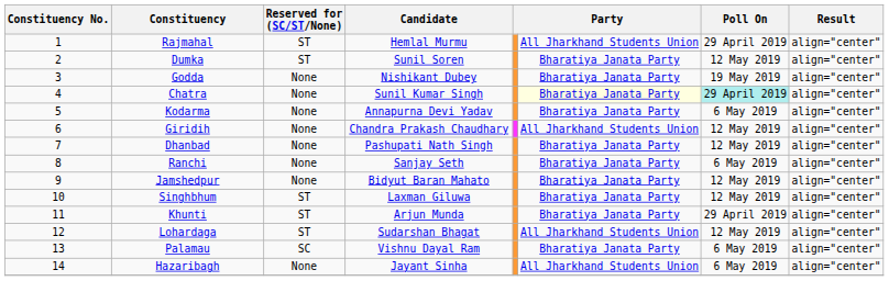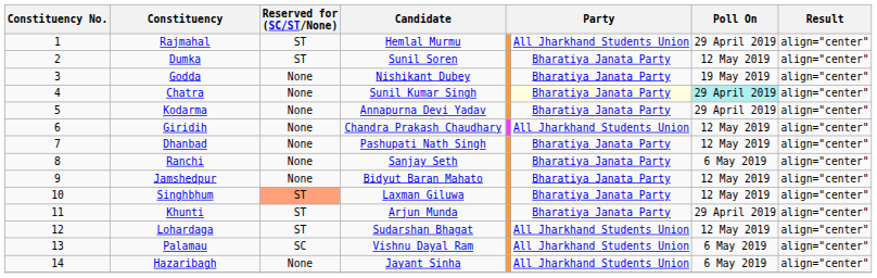 <table class="wikitable sortable" style="text-align:center;">
 <tr>
 <th>Constituency No.</th>
 <th style="width:180px;">Constituency</th>
 <th>Reserved for<br>(<a href='#'>SC/ST</a>/None)</th>
 <th style="width:200px;">Candidate</th>
 <th colspan="2">Party</th>
 <th>Poll On</th>
 <th>Result</th>
 </tr>
 <tr>
 <td align="center">1</td>
 <td><a href='#'>Rajmahal</a></td>
 <td align="center">ST</td>
 <td><a href='#'>Hemlal Murmu</a></td>
 <td bgcolor=#FF9933></td>
 <td><a href='#'>All Jharkhand Students Union</a></td>
 <td align="center">29 April 2019</td>
 <td>align="center" </td>
 </tr>
 <tr>
 <td align="center">2</td>
 <td><a href='#'>Dumka</a></td>
 <td align="center">ST</td>
 <td><a href='#'>Sunil Soren</a></td>
 <td bgcolor=#FF9933></td>
 <td><a href='#'>Bharatiya Janata Party</a></td>
 <td align="center">12 May 2019</td>
 <td>align="center" </td>
 </tr>
 <tr>
 <td align="center">3</td>
 <td><a href='#'>Godda</a></td>
 <td align="center">None</td>
 <td><a href='#'>Nishikant Dubey</a></td>
 <td bgcolor=#FF9933></td>
 <td><a href='#'>Bharatiya Janata Party</a></td>
 <td align="center">19 May 2019</td>
 <td>align="center" </td>
 </tr>
 <tr>
 <td align="center">4</td>
 <td><a href='#'>Chatra</a></td>
 <td align="center">None</td>
 <td><a href='#'>Sunil Kumar Singh</a></td>
 <td bgcolor=#FF9933></td>
 <td style="background: lightyellow;"><a href='#'>Bharatiya Janata Party</a></td>
 <td align="center" style="background: paleturquoise;">29 April 2019</td>
 <td>align="center" </td>
 </tr>
 <tr>
 <td align="center">5</td>
 <td><a href='#'>Kodarma</a></td>
 <td align="center">None</td>
 <td><a href='#'>Annapurna Devi Yadav</a></td>
 <td bgcolor=#FF9933></td>
 <td><a href='#'>Bharatiya Janata Party</a></td>
-<td align="center">6 May 2019</td>
+<td align="center">29 April 2019</td>
 <td>align="center" </td>
 </tr>
 <tr>
 <td align="center">6</td>
 <td><a href='#'>Giridih</a></td>
 <td align="center">None</td>
 <td><a href='#'>Chandra Prakash Chaudhary</a></td>
 <td bgcolor=#FF33FF></td>
 <td><a href='#'>All Jharkhand Students Union</a></td>
 <td align="center">12 May 2019</td>
 <td>align="center" </td>
 </tr>
 <tr>
 <td align="center">7</td>
 <td><a href='#'>Dhanbad</a></td>
 <td align="center">None</td>
 <td><a href='#'>Pashupati Nath Singh</a></td>
 <td bgcolor=#FF9933></td>
 <td><a href='#'>Bharatiya Janata Party</a></td>
 <td align="center">12 May 2019</td>
 <td>align="center" </td>
 </tr>
 <tr>
 <td align="center">8</td>
 <td><a href='#'>Ranchi</a></td>
 <td align="center">None</td>
 <td><a href='#'>Sanjay Seth</a></td>
 <td bgcolor="#FF9933"></td>
 <td><a href='#'>Bharatiya Janata Party</a></td>
 <td align="center">6 May 2019</td>
 <td>align="center" </td>
 </tr>
 <tr>
 <td align="center">9</td>
 <td><a href='#'>Jamshedpur</a></td>
 <td align="center">None</td>
 <td><a href='#'>Bidyut Baran Mahato</a></td>
 <td bgcolor=#FF9933></td>
 <td><a href='#'>Bharatiya Janata Party</a></td>
 <td align="center">12 May 2019</td>
 <td>align="center" </td>
 </tr>
 <tr>
 <td align="center">10</td>
 <td><a href='#'>Singhbhum</a></td>
-<td align="center">ST</td>
+<td align="center" style="background: lightsalmon;">ST</td>
 <td><a href='#'>Laxman Giluwa</a></td>
 <td bgcolor=#FF9933></td>
 <td><a href='#'>Bharatiya Janata Party</a></td>
 <td align="center">12 May 2019</td>
 <td>align="center" </td>
 </tr>
 <tr>
 <td align="center">11</td>
 <td><a href='#'>Khunti</a></td>
 <td align="center">ST</td>
 <td><a href='#'>Arjun Munda</a></td>
 <td bgcolor=#FF9933></td>
 <td><a href='#'>Bharatiya Janata Party</a></td>
 <td align="center">29 April 2019</td>
 <td>align="center" </td>
 </tr>
 <tr>
 <td align="center">12</td>
 <td><a href='#'>Lohardaga</a></td>
 <td align="center">ST</td>
 <td><a href='#'>Sudarshan Bhagat</a></td>
 <td bgcolor=#FF9933></td>
 <td><a href='#'>All Jharkhand Students Union</a></td>
 <td align="center">12 May 2019</td>
 <td>align="center" </td>
 </tr>
 <tr>
 <td align="center">13</td>
 <td><a href='#'>Palamau</a></td>
 <td align="center">SC</td>
 <td><a href='#'>Vishnu Dayal Ram</a></td>
 <td bgcolor=#FF9933></td>
-<td><a href='#'>Bharatiya Janata Party</a></td>
+<td><a href='#'>All Jharkhand Students Union</a></td>
 <td align="center">6 May 2019</td>
 <td>align="center" </td>
 </tr>
 <tr>
 <td align="center">14</td>
 <td><a href='#'>Hazaribagh</a></td>
 <td align="center">None</td>
 <td><a href='#'>Jayant Sinha</a></td>
 <td bgcolor=#FF9933></td>
 <td><a href='#'>All Jharkhand Students Union</a></td>
 <td align="center">6 May 2019</td>
 <td>align="center" </td>
 </tr>
 <tr>
 </tr>
 </table>
